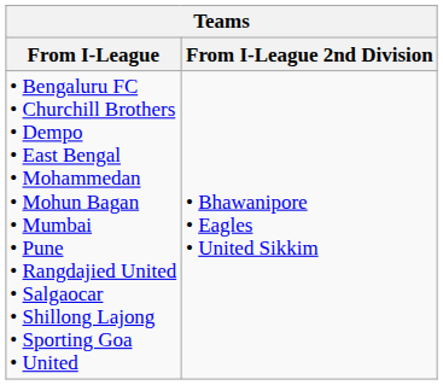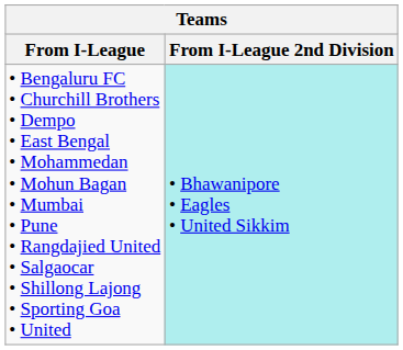 <table class="wikitable" style="margin-left: auto; margin-right: auto; border: none;">
 <tr>
 <th colspan="2">Teams</th>
 </tr>
 <tr>
 <th>From I-League</th>
 <th>From I-League 2nd Division</th>
 </tr>
 <tr>
 <td>• <a href='#'>Bengaluru FC</a><br>• <a href='#'>Churchill Brothers</a><br>• <a href='#'>Dempo</a><br>• <a href='#'>East Bengal</a><br>• <a href='#'>Mohammedan</a><br>• <a href='#'>Mohun Bagan</a><br>• <a href='#'>Mumbai</a><br>• <a href='#'>Pune</a><br>• <a href='#'>Rangdajied United</a><br>• <a href='#'>Salgaocar</a><br>• <a href='#'>Shillong Lajong</a><br>• <a href='#'>Sporting Goa</a><br>• <a href='#'>United</a></td>
-<td>• <a href='#'>Bhawanipore</a><br>• <a href='#'>Eagles</a><br>• <a href='#'>United Sikkim</a></td>
+<td style="background: paleturquoise;">• <a href='#'>Bhawanipore</a><br>• <a href='#'>Eagles</a><br>• <a href='#'>United Sikkim</a></td>
 </tr>
 </table>
